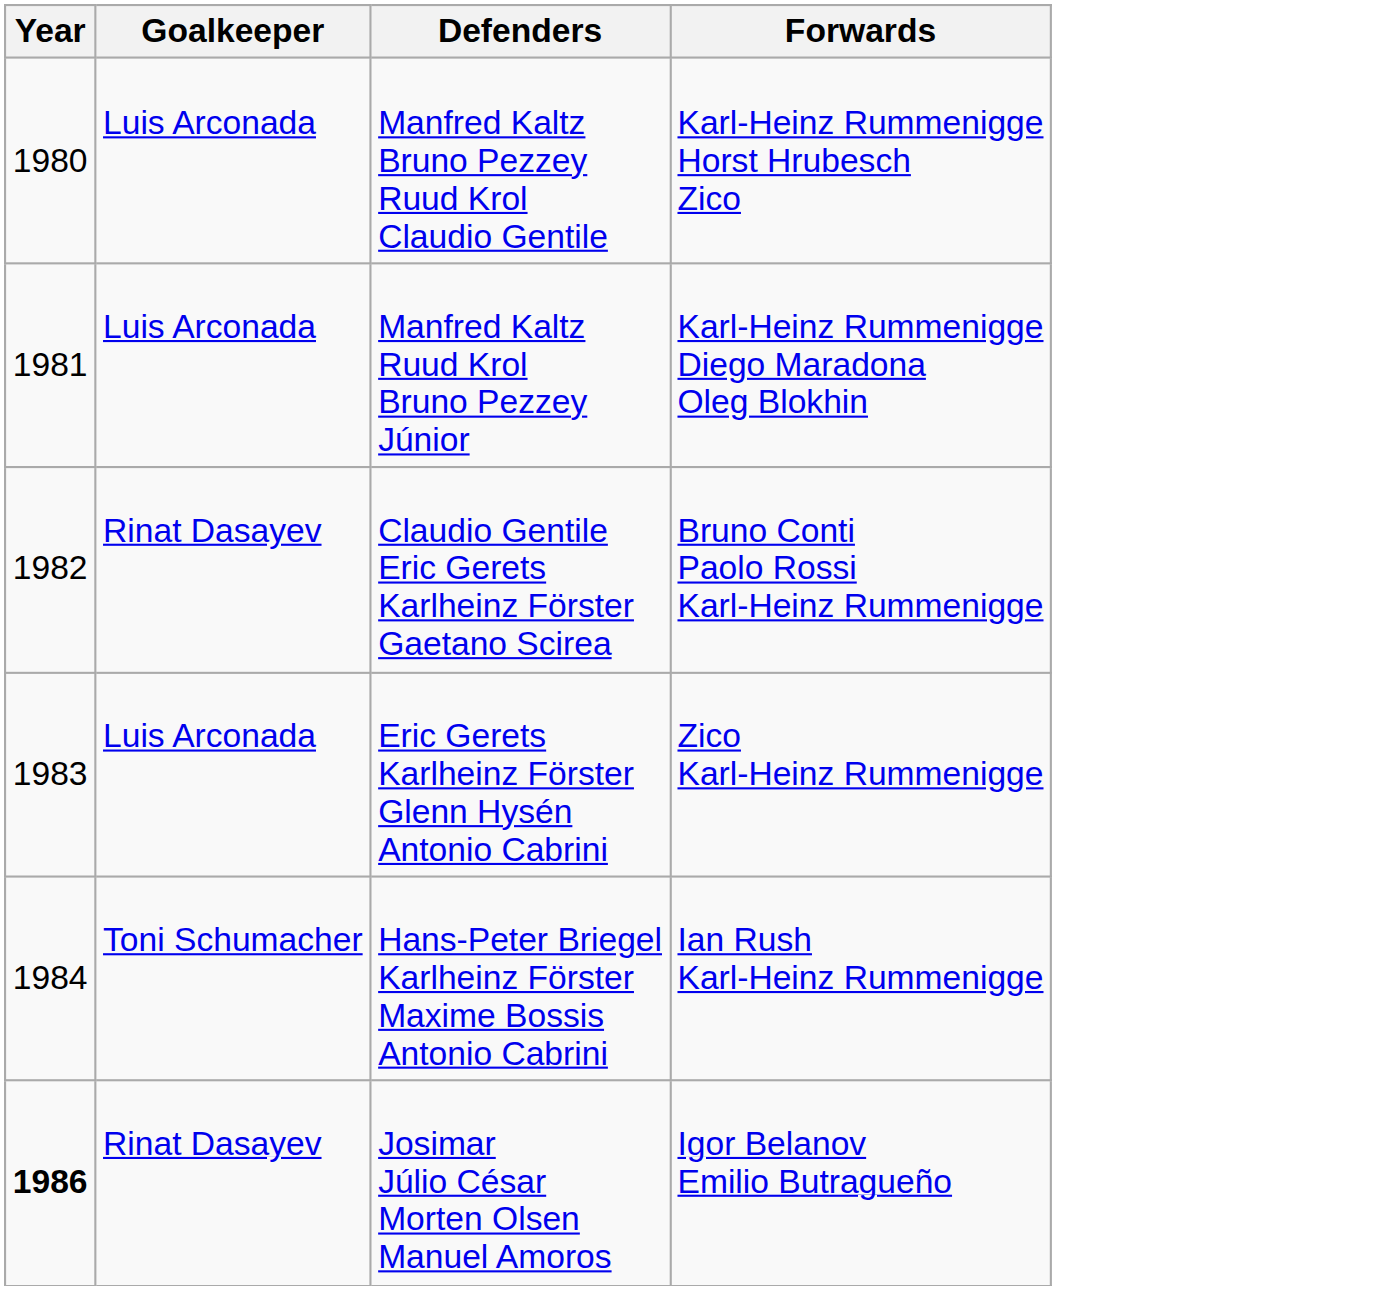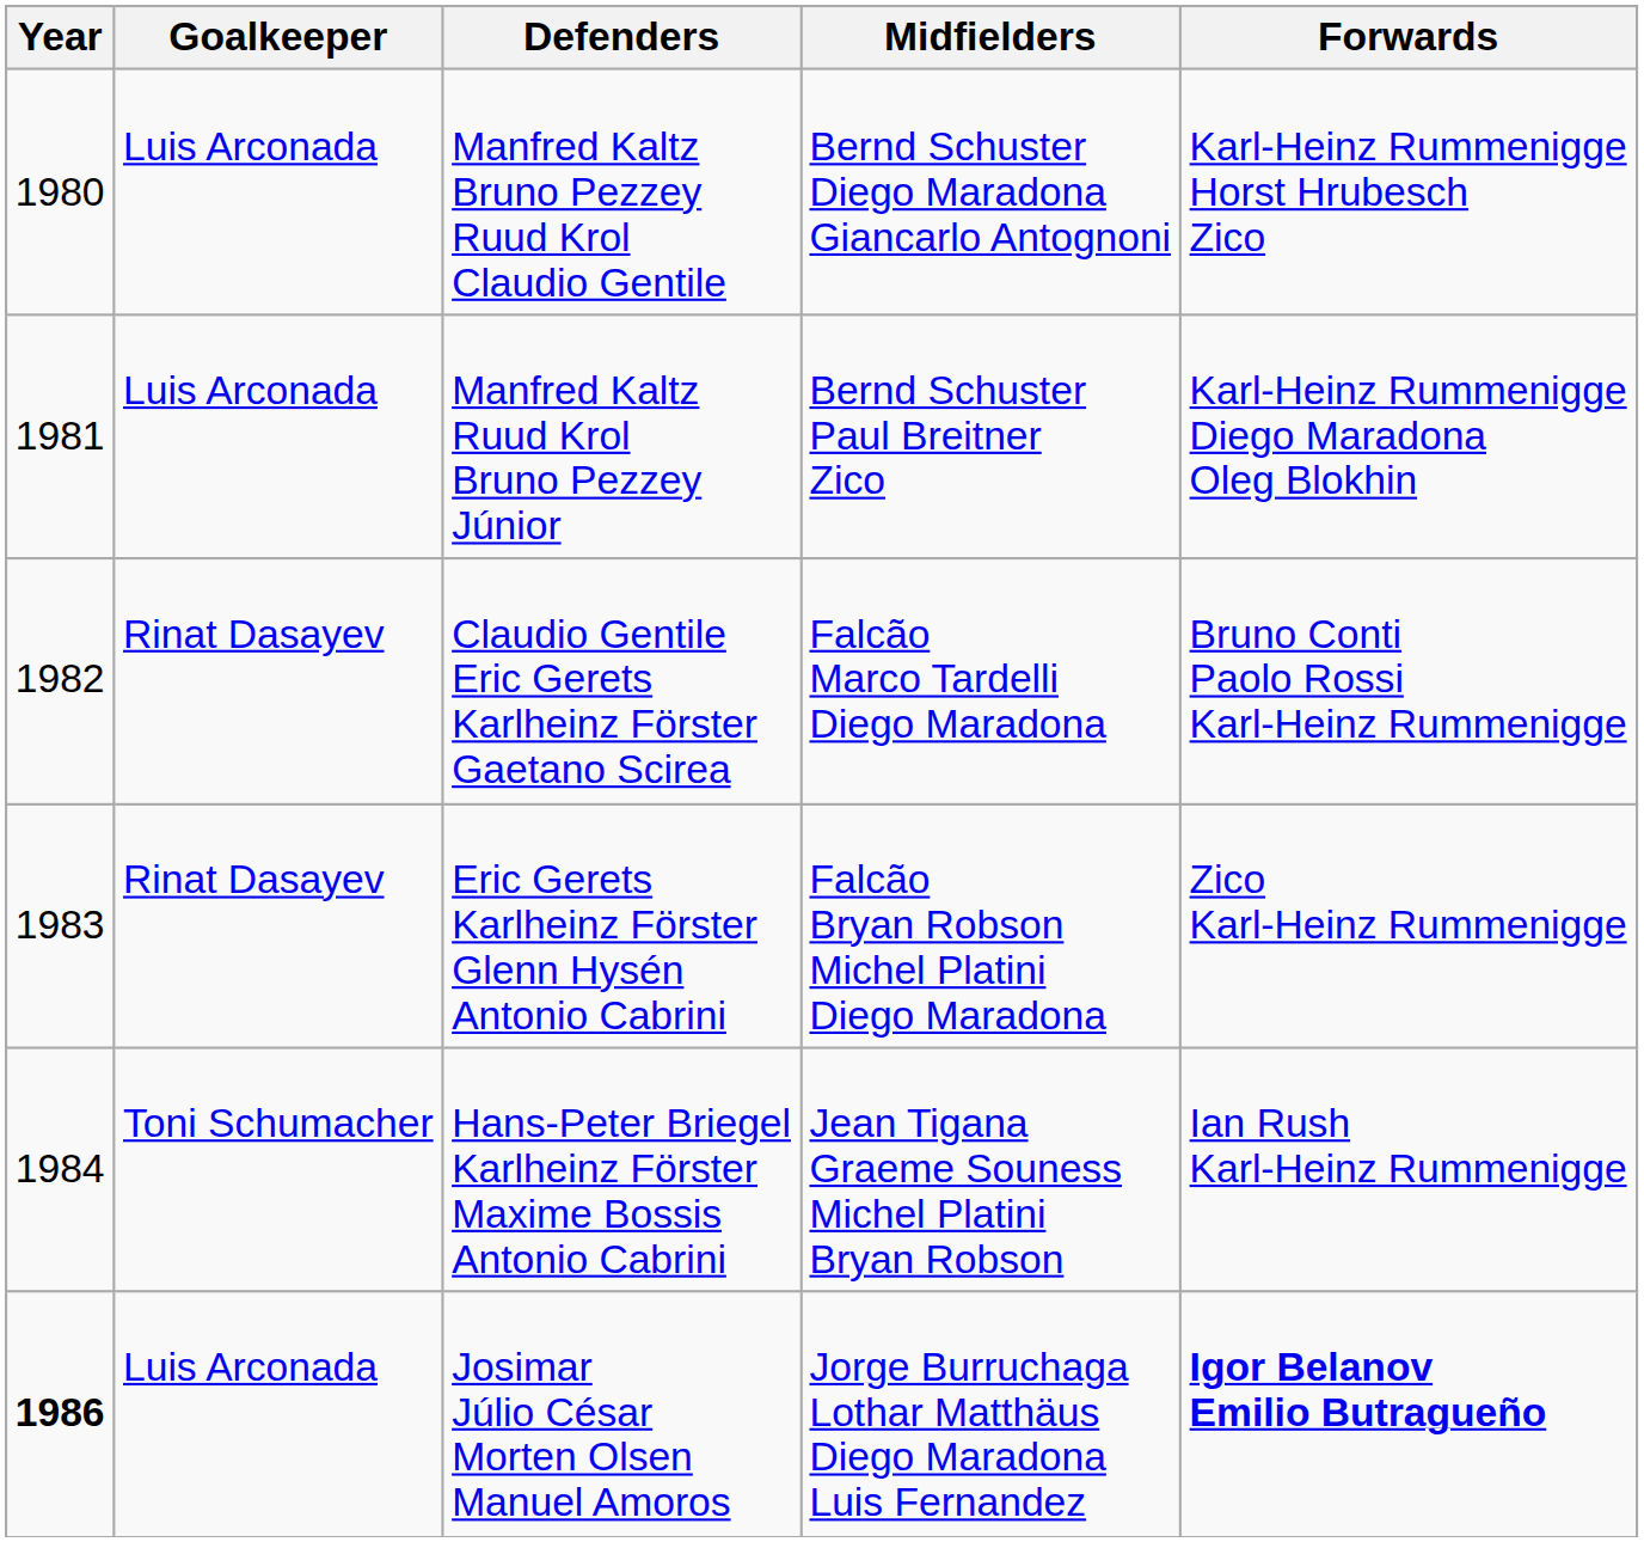 <table class="wikitable">
 <tr>
 <th>Year</th>
 <th>Goalkeeper</th>
 <th>Defenders</th>
+<th>Midfielders</th>
 <th>Forwards</th>
 </tr>
 <tr>
 <td>1980</td>
 <td valign=top><br> <a href='#'>Luis Arconada</a></td>
 <td valign=top><br> <a href='#'>Manfred Kaltz</a> <br>  <a href='#'>Bruno Pezzey</a> <br>  <a href='#'>Ruud Krol</a> <br>  <a href='#'>Claudio Gentile</a></td>
+<td valign=top><br> <a href='#'>Bernd Schuster</a> <br>  <a href='#'>Diego Maradona</a> <br>  <a href='#'>Giancarlo Antognoni</a></td>
 <td valign=top><br> <a href='#'>Karl-Heinz Rummenigge</a> <br>  <a href='#'>Horst Hrubesch</a> <br>  <a href='#'>Zico</a></td>
 </tr>
 <tr>
 <td>1981</td>
 <td valign=top><br> <a href='#'>Luis Arconada</a></td>
 <td valign=top><br> <a href='#'>Manfred Kaltz</a> <br>  <a href='#'>Ruud Krol</a> <br>  <a href='#'>Bruno Pezzey</a> <br>  <a href='#'>Júnior</a></td>
+<td valign=top><br> <a href='#'>Bernd Schuster</a> <br>  <a href='#'>Paul Breitner</a> <br>  <a href='#'>Zico</a></td>
 <td valign=top><br> <a href='#'>Karl-Heinz Rummenigge</a> <br>  <a href='#'>Diego Maradona</a> <br>  <a href='#'>Oleg Blokhin</a></td>
 </tr>
 <tr>
 <td>1982</td>
 <td valign=top><br> <a href='#'>Rinat Dasayev</a></td>
 <td valign=top><br> <a href='#'>Claudio Gentile</a> <br>  <a href='#'>Eric Gerets</a> <br>  <a href='#'>Karlheinz Förster</a> <br>  <a href='#'>Gaetano Scirea</a></td>
+<td valign=top><br> <a href='#'>Falcão</a> <br>  <a href='#'>Marco Tardelli</a> <br>  <a href='#'>Diego Maradona</a></td>
 <td valign=top><br> <a href='#'>Bruno Conti</a> <br>  <a href='#'>Paolo Rossi</a> <br>  <a href='#'>Karl-Heinz Rummenigge</a></td>
 </tr>
 <tr>
 <td>1983</td>
-<td valign=top><br> <a href='#'>Luis Arconada</a></td>
+<td valign=top><br> <a href='#'>Rinat Dasayev</a></td>
 <td valign=top><br> <a href='#'>Eric Gerets</a> <br>  <a href='#'>Karlheinz Förster</a> <br> <a href='#'>Glenn Hysén</a> <br>  <a href='#'>Antonio Cabrini</a></td>
+<td valign=top><br> <a href='#'>Falcão</a> <br>  <a href='#'>Bryan Robson</a> <br>  <a href='#'>Michel Platini</a> <br>  <a href='#'>Diego Maradona</a></td>
 <td valign=top><br> <a href='#'>Zico</a> <br>  <a href='#'>Karl-Heinz Rummenigge</a></td>
 </tr>
 <tr>
 <td>1984</td>
 <td valign=top><br> <a href='#'>Toni Schumacher</a></td>
 <td valign=top><br> <a href='#'>Hans-Peter Briegel</a> <br>  <a href='#'>Karlheinz Förster</a> <br> <a href='#'>Maxime Bossis</a> <br>  <a href='#'>Antonio Cabrini</a></td>
+<td valign=top><br> <a href='#'>Jean Tigana</a> <br>  <a href='#'>Graeme Souness</a> <br>  <a href='#'>Michel Platini</a> <br>  <a href='#'>Bryan Robson</a></td>
 <td valign=top><br> <a href='#'>Ian Rush</a> <br>  <a href='#'>Karl-Heinz Rummenigge</a></td>
 </tr>
 <tr>
 <td><strong>1986</strong></td>
-<td valign=top><br> <a href='#'>Rinat Dasayev</a></td>
+<td valign=top><br> <a href='#'>Luis Arconada</a></td>
 <td valign=top><br> <a href='#'>Josimar</a> <br>  <a href='#'>Júlio César</a> <br>  <a href='#'>Morten Olsen</a> <br>  <a href='#'>Manuel Amoros</a></td>
-<td valign=top><br> <a href='#'>Igor Belanov</a> <br>  <a href='#'>Emilio Butragueño</a></td>
+<td valign=top><br> <a href='#'>Jorge Burruchaga</a> <br>  <a href='#'>Lothar Matthäus</a> <br>  <a href='#'>Diego Maradona</a> <br>  <a href='#'>Luis Fernandez</a></td>
+<td valign=top><strong><br> <a href='#'>Igor Belanov</a> <br>  <a href='#'>Emilio Butragueño</a></strong></td>
 </tr>
 </table>
